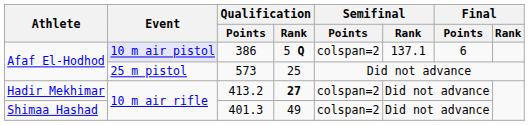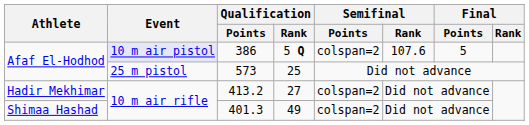 <table class="wikitable" style="font-size:90%">
 <tr>
 <th rowspan="2">Athlete</th>
 <th rowspan="2">Event</th>
 <th colspan=2>Qualification</th>
 <th colspan=2>Semifinal</th>
 <th colspan=2>Final</th>
 </tr>
 <tr style="font-size:95%">
 <th>Points</th>
 <th>Rank</th>
 <th>Points</th>
 <th>Rank</th>
 <th>Points</th>
 <th>Rank</th>
 </tr>
 <tr align=center>
 <td align=left rowspan=2><a href='#'>Afaf El-Hodhod</a></td>
 <td align=left style="background: lavender;"><a href='#'>10 m air pistol</a></td>
 <td>386</td>
 <td>5 <strong>Q</strong></td>
 <td>colspan=2 </td>
-<td>137.1</td>
-<td>6</td>
+<td>107.6</td>
+<td>5</td>
 </tr>
 <tr align=center>
 <td align=left><a href='#'>25 m pistol</a></td>
 <td>573</td>
 <td>25</td>
 <td colspan=4>Did not advance</td>
 </tr>
 <tr align=center>
 <td align=left><a href='#'>Hadir Mekhimar</a></td>
 <td align=left rowspan=2><a href='#'>10 m air rifle</a></td>
 <td>413.2</td>
-<td><strong>27</strong></td>
+<td>27</td>
 <td>colspan=2 </td>
 <td colspan=2>Did not advance</td>
 </tr>
 <tr align=center>
 <td align=left><a href='#'>Shimaa Hashad</a></td>
 <td>401.3</td>
 <td>49</td>
 <td>colspan=2 </td>
 <td colspan=2>Did not advance</td>
 </tr>
 </table>
